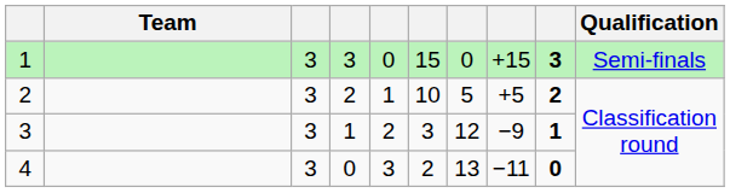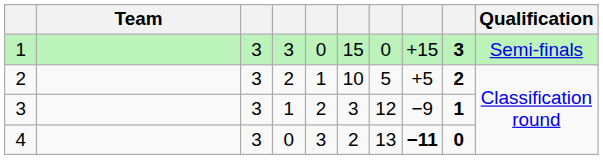 <table class="wikitable" style="text-align:center;">
 <tr>
 <th width=20></th>
 <th width=165>Team</th>
 <th width=20></th>
 <th width=20></th>
 <th width=20></th>
 <th width=20></th>
 <th width=20></th>
 <th width=20></th>
 <th width=20></th>
 <th width=95>Qualification</th>
 </tr>
 <tr bgcolor=bbf3bb>
 <td>1</td>
 <td align="left"></td>
 <td>3</td>
 <td>3</td>
 <td>0</td>
 <td>15</td>
 <td>0</td>
 <td>+15</td>
 <td><strong>3</strong></td>
 <td><a href='#'>Semi-finals</a></td>
 </tr>
 <tr>
 <td>2</td>
 <td align="left"></td>
 <td>3</td>
 <td>2</td>
 <td>1</td>
 <td>10</td>
 <td>5</td>
 <td>+5</td>
 <td><strong>2</strong></td>
 <td rowspan="3"><a href='#'>Classification round</a></td>
 </tr>
 <tr>
 <td>3</td>
 <td align="left"></td>
 <td>3</td>
 <td>1</td>
 <td>2</td>
 <td>3</td>
 <td>12</td>
 <td>−9</td>
 <td><strong>1</strong></td>
 </tr>
 <tr>
 <td>4</td>
 <td align="left"></td>
 <td>3</td>
 <td>0</td>
 <td>3</td>
 <td>2</td>
 <td>13</td>
-<td>−11</td>
+<td><strong>−11</strong></td>
 <td><strong>0</strong></td>
 </tr>
 </table>
